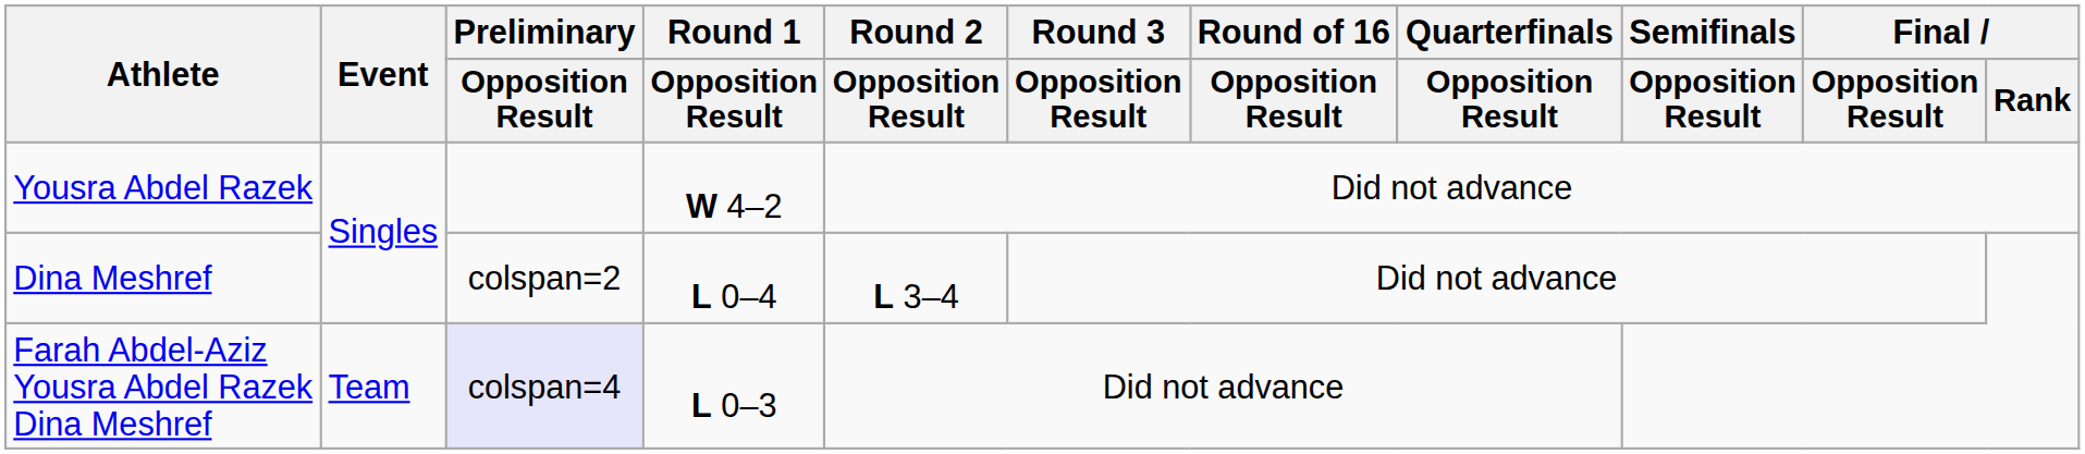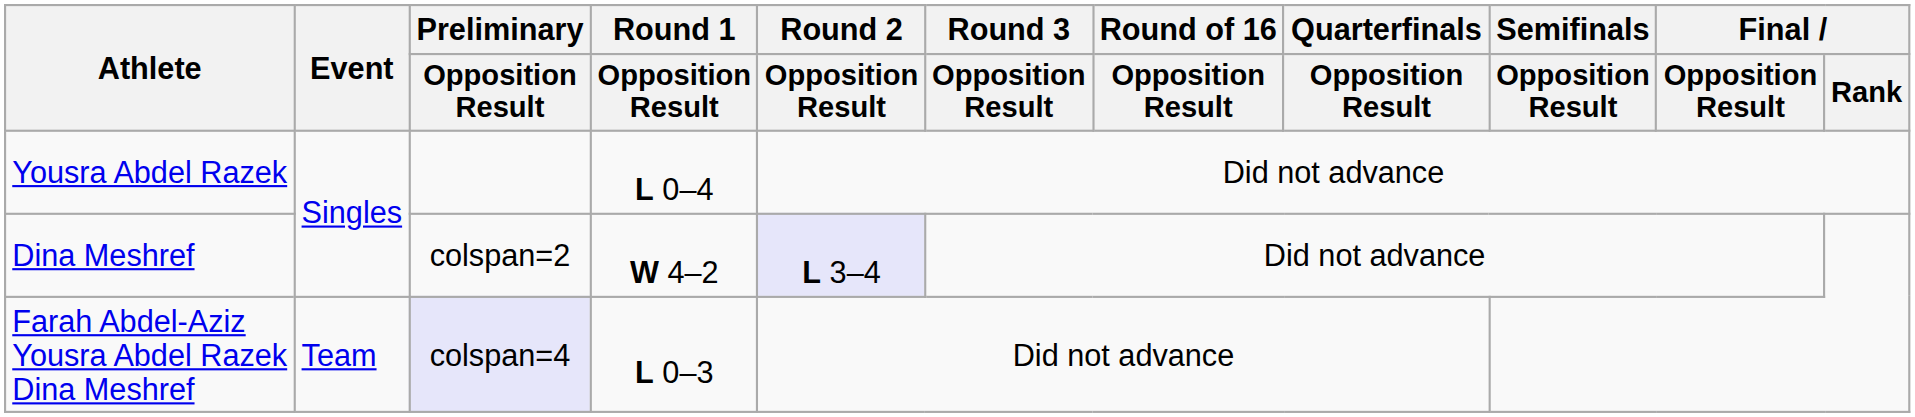 <table class="wikitable" style="font-size:90%;">
 <tr>
 <th rowspan=2>Athlete</th>
 <th rowspan=2>Event</th>
 <th>Preliminary</th>
 <th>Round 1</th>
 <th>Round 2</th>
 <th>Round 3</th>
 <th>Round of 16</th>
 <th>Quarterfinals</th>
 <th>Semifinals</th>
 <th colspan=2>Final / </th>
 </tr>
 <tr style="font-size:95%">
 <th>Opposition<br>Result</th>
 <th>Opposition<br>Result</th>
 <th>Opposition<br>Result</th>
 <th>Opposition<br>Result</th>
 <th>Opposition<br>Result</th>
 <th>Opposition<br>Result</th>
 <th>Opposition<br>Result</th>
 <th>Opposition<br>Result</th>
 <th>Rank</th>
 </tr>
 <tr align=center>
 <td align=left><a href='#'>Yousra Abdel Razek</a></td>
 <td align=left rowspan=2><a href='#'>Singles</a></td>
 <td></td>
-<td><br><strong>W</strong> 4–2</td>
+<td><br><strong>L</strong> 0–4</td>
 <td colspan=7>Did not advance</td>
 </tr>
 <tr align=center>
 <td align=left><a href='#'>Dina Meshref</a></td>
 <td>colspan=2 </td>
-<td><br><strong>L</strong> 0–4</td>
-<td><br><strong>L</strong> 3–4</td>
+<td><br><strong>W</strong> 4–2</td>
+<td style="background: lavender;"><br><strong>L</strong> 3–4</td>
 <td colspan=5>Did not advance</td>
 </tr>
 <tr align=center>
 <td align=left><a href='#'>Farah Abdel-Aziz</a><br><a href='#'>Yousra Abdel Razek</a><br><a href='#'>Dina Meshref</a></td>
 <td align=left><a href='#'>Team</a></td>
 <td style="background: lavender;">colspan=4 </td>
 <td><br><strong>L</strong> 0–3</td>
 <td colspan="4">Did not advance</td>
 </tr>
 </table>
